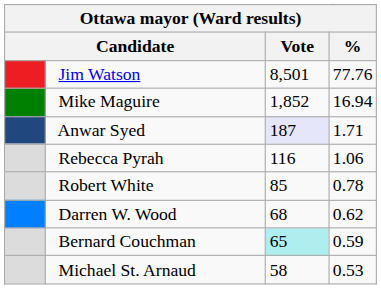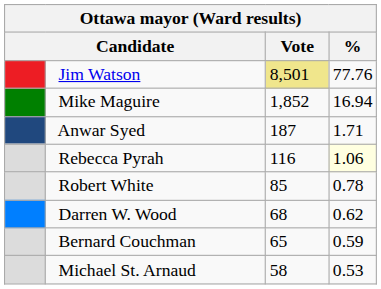 <table class="wikitable">
 <tr>
 <th colspan="4">Ottawa mayor (Ward results)</th>
 </tr>
 <tr>
 <th bgcolor="#DDDDFF" width="230px" colspan="2">Candidate</th>
 <th bgcolor="#DDDDFF" width="50px">Vote</th>
 <th bgcolor="#DDDDFF" width="30px">%</th>
 </tr>
 <tr>
 <td bgcolor=#ED1D24 width="30px"> </td>
 <td>  <a href='#'>Jim Watson</a></td>
-<td>8,501</td>
+<td style="background: khaki;">8,501</td>
 <td>77.76</td>
 </tr>
 <tr>
 <td bgcolor=#008000 width="30px"> </td>
 <td>  Mike Maguire</td>
 <td>1,852</td>
 <td>16.94</td>
 </tr>
 <tr>
 <td bgcolor=#20487E width="30px"> </td>
 <td>  Anwar Syed</td>
-<td style="background: lavender;">187</td>
+<td>187</td>
 <td>1.71</td>
 </tr>
 <tr>
 <td bgcolor=#DCDCDC width="30px"> </td>
 <td>  Rebecca Pyrah</td>
 <td>116</td>
-<td>1.06</td>
+<td style="background: lightyellow;">1.06</td>
 </tr>
 <tr>
 <td bgcolor=#DCDCDC width="30px"> </td>
 <td>  Robert White</td>
 <td>85</td>
 <td>0.78</td>
 </tr>
 <tr>
 <td bgcolor=#007FFF width="30px"> </td>
 <td>  Darren W. Wood</td>
 <td>68</td>
 <td>0.62</td>
 </tr>
 <tr>
 <td bgcolor=#DCDCDC width="30px"> </td>
 <td>  Bernard Couchman</td>
-<td style="background: paleturquoise;">65</td>
+<td>65</td>
 <td>0.59</td>
 </tr>
 <tr>
 <td bgcolor=#DCDCDC width="30px"> </td>
 <td>  Michael St. Arnaud</td>
 <td>58</td>
 <td>0.53</td>
 </tr>
 </table>
